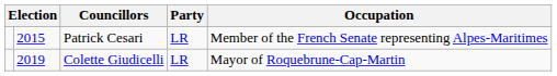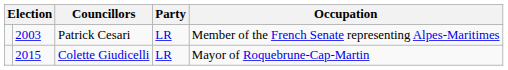 <table class="wikitable">
 <tr>
 <th colspan="2">Election</th>
 <th>Councillors</th>
 <th>Party</th>
 <th>Occupation</th>
 </tr>
 <tr>
 <td style="background-color: "></td>
-<td><a href='#'>2015</a></td>
+<td><a href='#'>2003</a></td>
 <td>Patrick Cesari</td>
 <td><a href='#'>LR</a></td>
 <td>Member of the <a href='#'>French Senate</a> representing <a href='#'>Alpes-Maritimes</a></td>
 </tr>
 <tr>
 <td style="background-color: "></td>
-<td><a href='#'>2019</a></td>
+<td><a href='#'>2015</a></td>
 <td><a href='#'>Colette Giudicelli</a></td>
 <td><a href='#'>LR</a></td>
 <td>Mayor of <a href='#'>Roquebrune-Cap-Martin</a></td>
 </tr>
 </table>
